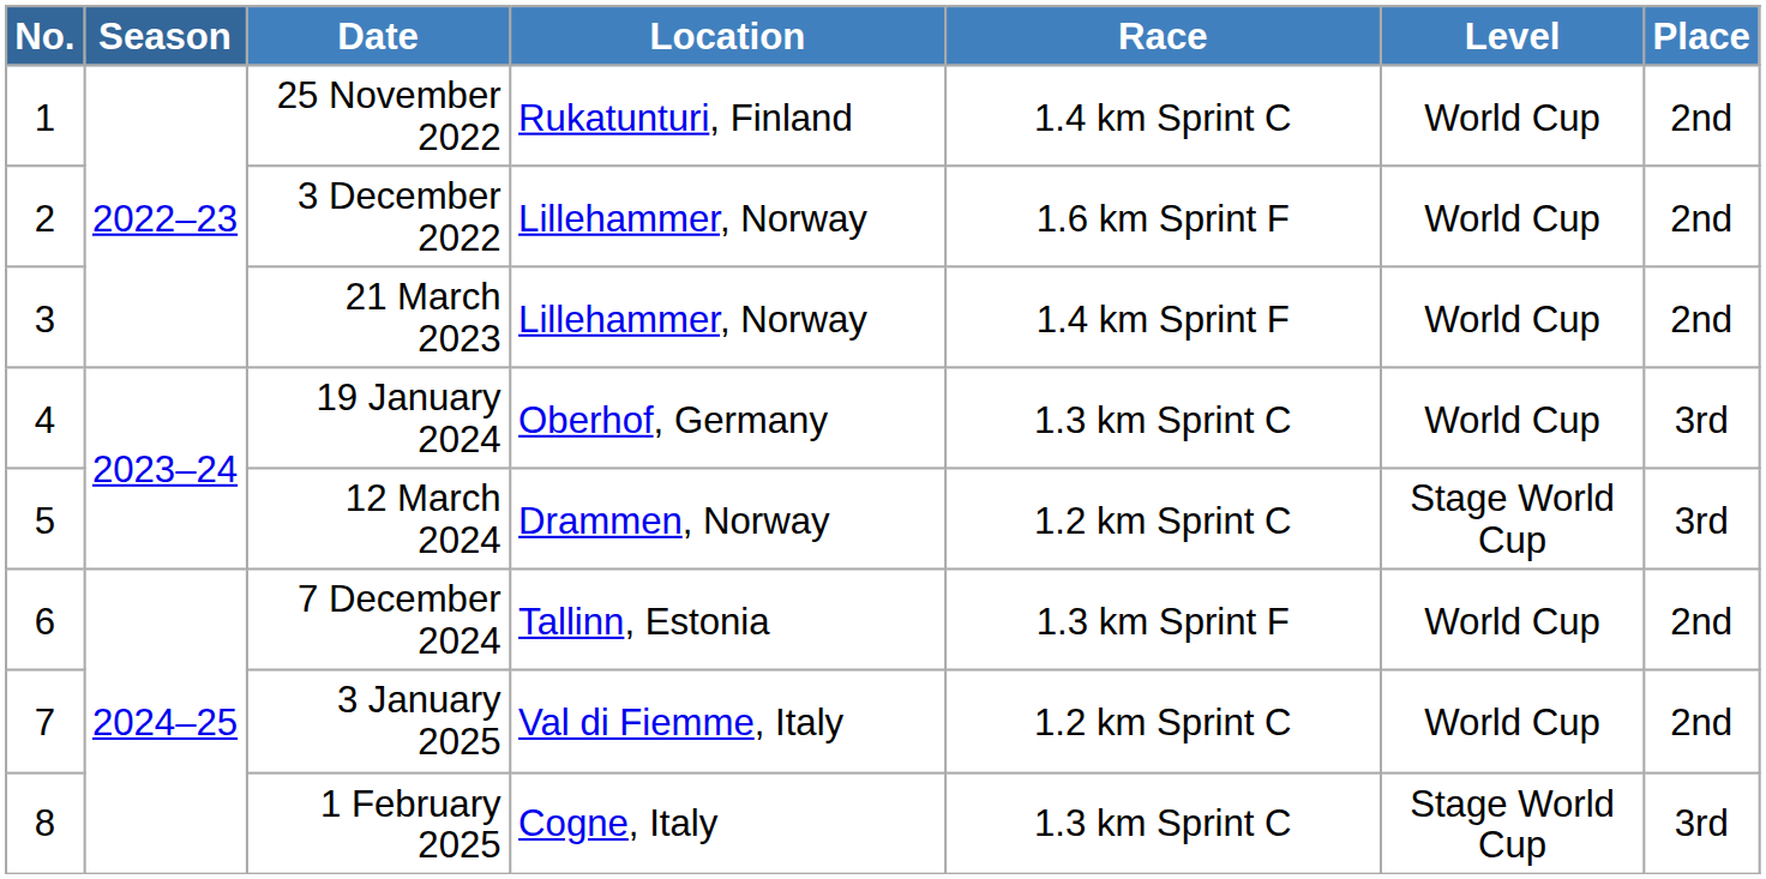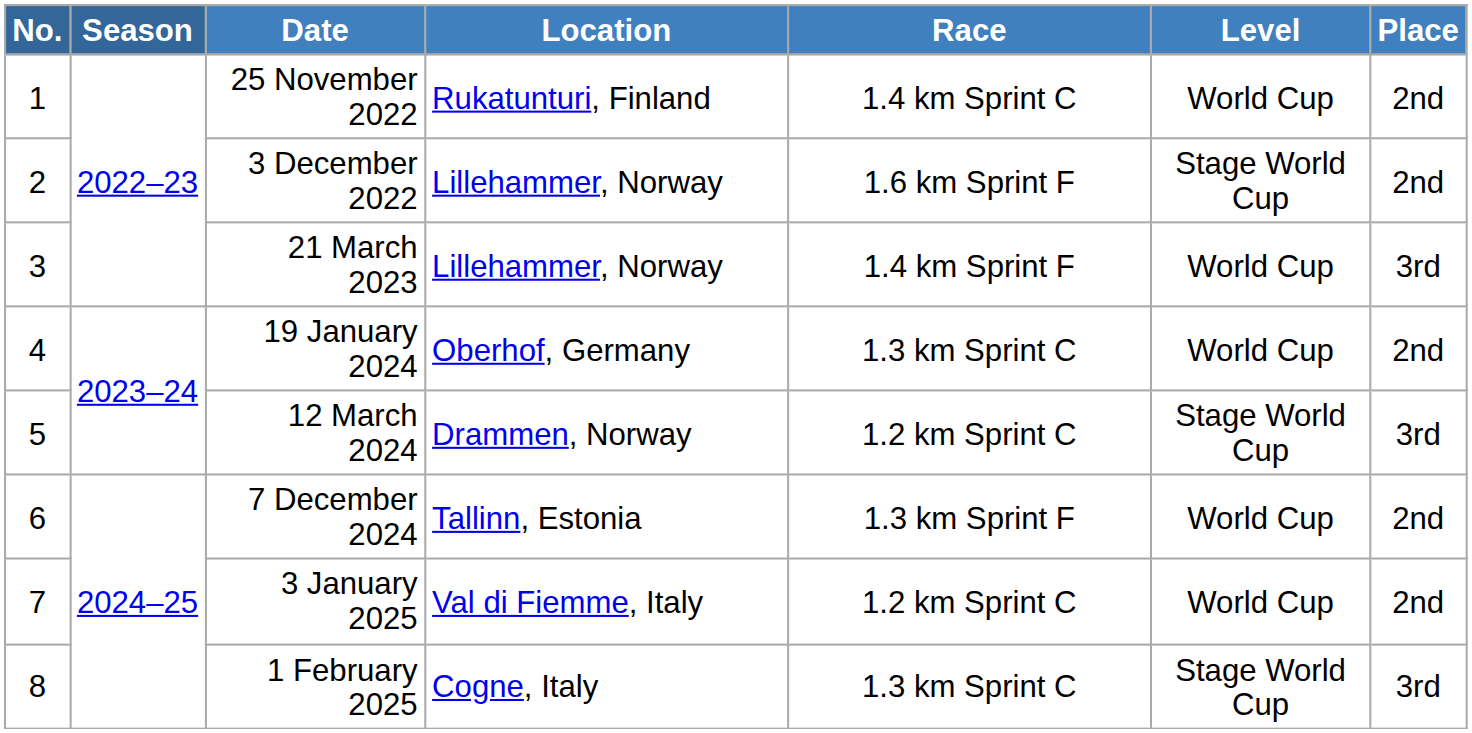 <table class="wikitable sortable" style="font-size:95%; text-align:center; border:grey solid 1px; border-collapse:collapse; background:#ffffff;">
 <tr style="background:#efefef;">
 <th style="background-color:#369; color:white;">No.</th>
 <th style="background-color:#369; color:white;">Season</th>
 <th style="background-color:#4180be; color:white; width:100px;">Date</th>
 <th style="background-color:#4180be; color:white; width:170px;">Location</th>
 <th style="background-color:#4180be; color:white; width:170px;">Race</th>
 <th style="background-color:#4180be; color:white; width:100px;">Level</th>
 <th style="background-color:#4180be; color:white;">Place</th>
 </tr>
 <tr>
 <td align=center>1</td>
 <td rowspan=3 align=center><a href='#'>2022–23</a></td>
 <td align=right>25 November 2022</td>
 <td align=left> <a href='#'>Rukatunturi</a>, Finland</td>
 <td>1.4 km Sprint C</td>
 <td>World Cup</td>
 <td>2nd</td>
 </tr>
 <tr>
 <td align=center>2</td>
 <td align=right>3 December 2022</td>
 <td align=left> <a href='#'>Lillehammer</a>, Norway</td>
 <td>1.6 km Sprint F</td>
-<td>World Cup</td>
+<td>Stage World Cup</td>
 <td>2nd</td>
 </tr>
 <tr>
 <td align=center>3</td>
 <td align=right>21 March 2023</td>
 <td align=left> <a href='#'>Lillehammer</a>, Norway</td>
 <td>1.4 km Sprint F</td>
 <td>World Cup</td>
-<td>2nd</td>
+<td>3rd</td>
 </tr>
 <tr>
 <td align=center>4</td>
 <td rowspan=2 align=center><a href='#'>2023–24</a></td>
 <td align=right>19 January 2024</td>
 <td align=left> <a href='#'>Oberhof</a>, Germany</td>
 <td>1.3 km Sprint C</td>
 <td>World Cup</td>
-<td>3rd</td>
+<td>2nd</td>
 </tr>
 <tr>
 <td align=center>5</td>
 <td align=right>12 March 2024</td>
 <td align=left> <a href='#'>Drammen</a>, Norway</td>
 <td>1.2 km Sprint C</td>
 <td>Stage World Cup</td>
 <td>3rd</td>
 </tr>
 <tr>
 <td align=center>6</td>
 <td rowspan=3 align=center><a href='#'>2024–25</a></td>
 <td align=right>7 December 2024</td>
 <td align=left> <a href='#'>Tallinn</a>, Estonia</td>
 <td>1.3 km Sprint F</td>
 <td>World Cup</td>
 <td>2nd</td>
 </tr>
 <tr>
 <td align=center>7</td>
 <td align=right>3 January 2025</td>
 <td align=left> <a href='#'>Val di Fiemme</a>, Italy</td>
 <td>1.2 km Sprint C</td>
 <td>World Cup</td>
 <td>2nd</td>
 </tr>
 <tr>
 <td align=center>8</td>
 <td align=right>1 February 2025</td>
 <td align=left> <a href='#'>Cogne</a>, Italy</td>
 <td>1.3 km Sprint C</td>
 <td>Stage World Cup</td>
 <td>3rd</td>
 </tr>
 </table>
